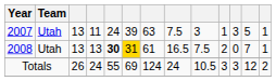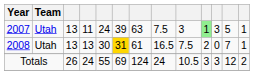 <table class="wikitable">
 <tr>
 <th>Year</th>
 <th>Team</th>
 <th></th>
 <th></th>
 <th></th>
 <th></th>
 <th></th>
 <th></th>
 <th></th>
 <th></th>
 <th></th>
 <th></th>
 <th></th>
 </tr>
 <tr>
 <td><a href='#'>2007</a></td>
 <td><a href='#'>Utah</a></td>
 <td>13</td>
 <td>11</td>
 <td>24</td>
 <td>39</td>
 <td>63</td>
 <td>7.5</td>
 <td>3</td>
-<td>1</td>
+<td style="background: lightgreen;">1</td>
 <td>3</td>
 <td>5</td>
 <td>1</td>
 </tr>
 <tr>
 <td><a href='#'>2008</a></td>
 <td>Utah</td>
 <td>13</td>
 <td>13</td>
-<td><strong>30</strong></td>
+<td>30</td>
 <td style="background: gold;">31</td>
 <td>61</td>
 <td>16.5</td>
 <td>7.5</td>
 <td>2</td>
 <td>0</td>
 <td>7</td>
 <td>1</td>
 </tr>
 <tr>
 </tr>
 <tr>
 <td colspan="2" align="center">Totals</td>
 <td>26</td>
 <td>24</td>
 <td>55</td>
 <td>69</td>
 <td>124</td>
 <td>24</td>
 <td>10.5</td>
 <td>3</td>
 <td>3</td>
 <td>12</td>
 <td>2</td>
 </tr>
 <tr>
 </tr>
 <tr>
 </tr>
 </table>
